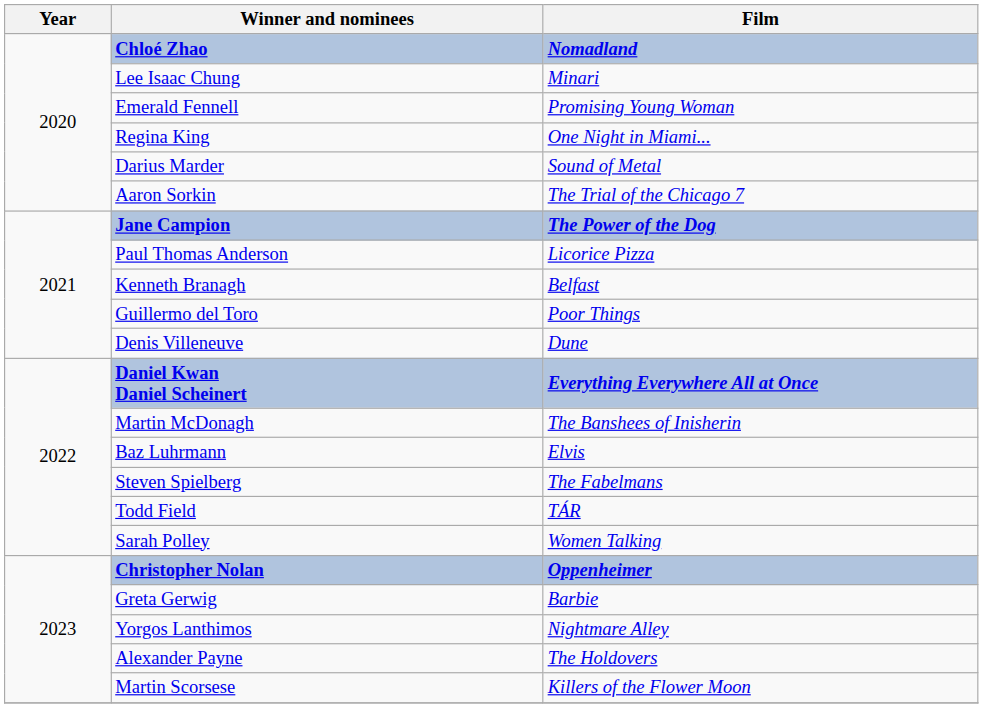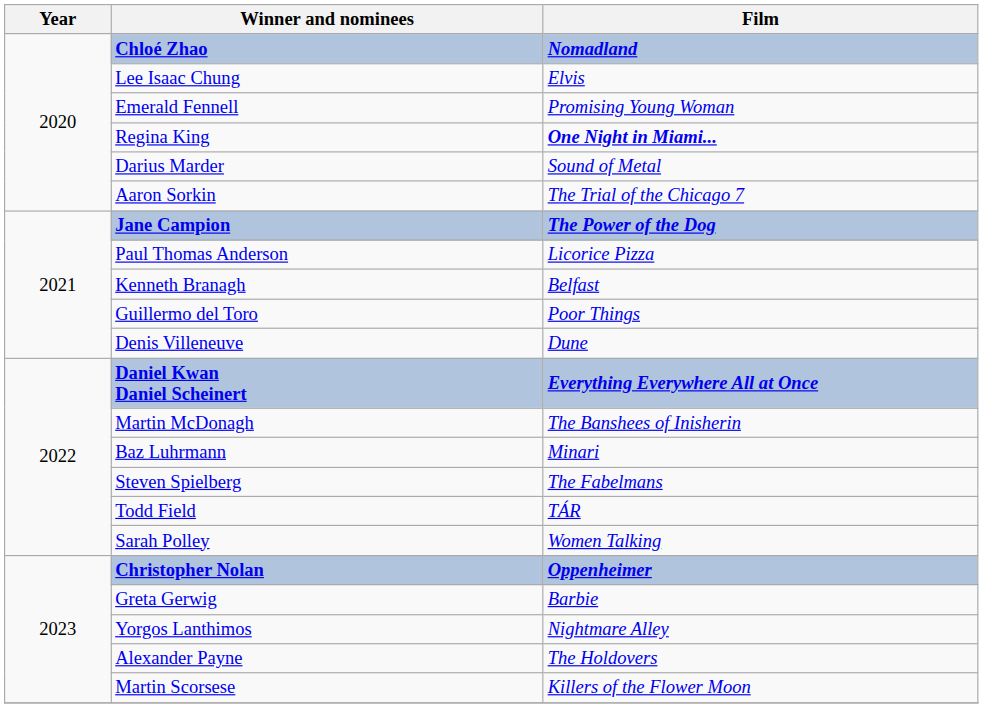 <table class="wikitable" width="95%" cellpadding="5">
 <tr>
 <th width="100"><strong>Year</strong></th>
 <th width="450"><strong>Winner and nominees</strong></th>
 <th width="450"><strong>Film</strong></th>
 </tr>
 <tr>
 <td rowspan="6" style="text-align:center;">2020</td>
 <td style="background:#B0C4DE;"><strong><a href='#'>Chloé Zhao</a></strong></td>
 <td style="background:#B0C4DE;"><strong><em><a href='#'>Nomadland</a></em></strong></td>
 </tr>
 <tr>
 <td><a href='#'>Lee Isaac Chung</a></td>
-<td><em><a href='#'>Minari</a></em></td>
+<td><em><a href='#'>Elvis</a></em></td>
 </tr>
 <tr>
 <td><a href='#'>Emerald Fennell</a></td>
 <td><em><a href='#'>Promising Young Woman</a></em></td>
 </tr>
 <tr>
 <td><a href='#'>Regina King</a></td>
-<td><em><a href='#'>One Night in Miami...</a></em></td>
+<td><strong><em><a href='#'>One Night in Miami...</a></em></strong></td>
 </tr>
 <tr>
 <td><a href='#'>Darius Marder</a></td>
 <td><em><a href='#'>Sound of Metal</a></em></td>
 </tr>
 <tr>
 <td><a href='#'>Aaron Sorkin</a></td>
 <td><em><a href='#'>The Trial of the Chicago 7</a></em></td>
 </tr>
 <tr>
 <td rowspan="5" style="text-align:center;">2021</td>
 <td style="background:#B0C4DE;"><strong><a href='#'>Jane Campion</a></strong></td>
 <td style="background:#B0C4DE;"><strong><em><a href='#'>The Power of the Dog</a></em></strong></td>
 </tr>
 <tr>
 <td><a href='#'>Paul Thomas Anderson</a></td>
 <td><em><a href='#'>Licorice Pizza</a></em></td>
 </tr>
 <tr>
 <td><a href='#'>Kenneth Branagh</a></td>
 <td><em><a href='#'>Belfast</a></em></td>
 </tr>
 <tr>
 <td><a href='#'>Guillermo del Toro</a></td>
 <td><em><a href='#'>Poor Things</a></em></td>
 </tr>
 <tr>
 <td><a href='#'>Denis Villeneuve</a></td>
 <td><em><a href='#'>Dune</a></em></td>
 </tr>
 <tr>
 <td rowspan="6" style="text-align:center;">2022</td>
 <td style="background:#B0C4DE;"><strong><a href='#'>Daniel Kwan<br>Daniel Scheinert</a></strong></td>
 <td style="background:#B0C4DE;"><strong><em><a href='#'>Everything Everywhere All at Once</a></em></strong></td>
 </tr>
 <tr>
 <td><a href='#'>Martin McDonagh</a></td>
 <td><em><a href='#'>The Banshees of Inisherin</a></em></td>
 </tr>
 <tr>
 <td><a href='#'>Baz Luhrmann</a></td>
-<td><em><a href='#'>Elvis</a></em></td>
+<td><em><a href='#'>Minari</a></em></td>
 </tr>
 <tr>
 <td><a href='#'>Steven Spielberg</a></td>
 <td><em><a href='#'>The Fabelmans</a></em></td>
 </tr>
 <tr>
 <td><a href='#'>Todd Field</a></td>
 <td><em><a href='#'>TÁR</a></em></td>
 </tr>
 <tr>
 <td><a href='#'>Sarah Polley</a></td>
 <td><em><a href='#'>Women Talking</a></em></td>
 </tr>
 <tr>
 <td rowspan="5" style="text-align:center;">2023</td>
 <td style="background:#B0C4DE;"><strong><a href='#'>Christopher Nolan</a></strong></td>
 <td style="background:#B0C4DE;"><strong><em><a href='#'>Oppenheimer</a></em></strong></td>
 </tr>
 <tr>
 <td><a href='#'>Greta Gerwig</a></td>
 <td><em><a href='#'>Barbie</a></em></td>
 </tr>
 <tr>
 <td><a href='#'>Yorgos Lanthimos</a></td>
 <td><em><a href='#'>Nightmare Alley</a></em></td>
 </tr>
 <tr>
 <td><a href='#'>Alexander Payne</a></td>
 <td><em><a href='#'>The Holdovers</a></em></td>
 </tr>
 <tr>
 <td><a href='#'>Martin Scorsese</a></td>
 <td><em><a href='#'>Killers of the Flower Moon</a></em></td>
 </tr>
 <tr>
 </tr>
 </table>
